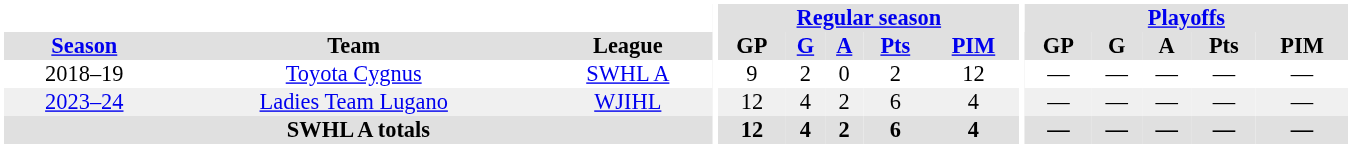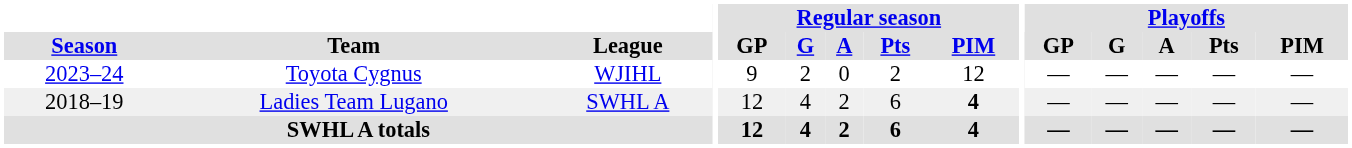 <table border="0" cellpadding="1" cellspacing="0" style="text-align:center; width:60em;">
 <tr bgcolor="#e0e0e0">
 <th colspan="3" bgcolor="#ffffff"></th>
 <th rowspan="94" bgcolor="#ffffff"></th>
 <th colspan="5"><a href='#'>Regular season</a></th>
 <th rowspan="94" bgcolor="#ffffff"></th>
 <th colspan="5"><a href='#'>Playoffs</a></th>
 </tr>
 <tr bgcolor="#e0e0e0">
 <th><a href='#'>Season</a></th>
 <th>Team</th>
 <th>League</th>
 <th>GP</th>
 <th><a href='#'>G</a></th>
 <th><a href='#'>A</a></th>
 <th><a href='#'>Pts</a></th>
 <th><a href='#'>PIM</a></th>
 <th>GP</th>
 <th>G</th>
 <th>A</th>
 <th>Pts</th>
 <th>PIM</th>
 </tr>
 <tr>
-<td>2018–19</td>
+<td><a href='#'>2023–24</a></td>
 <td><a href='#'>Toyota Cygnus</a></td>
-<td><a href='#'>SWHL A</a></td>
+<td><a href='#'>WJIHL</a></td>
 <td>9</td>
 <td>2</td>
 <td>0</td>
 <td>2</td>
 <td>12</td>
 <td>—</td>
 <td>—</td>
 <td>—</td>
 <td>—</td>
 <td>—</td>
 </tr>
 <tr bgcolor="f0f0f0">
-<td><a href='#'>2023–24</a></td>
+<td>2018–19</td>
 <td><a href='#'>Ladies Team Lugano</a></td>
-<td><a href='#'>WJIHL</a></td>
+<td><a href='#'>SWHL A</a></td>
 <td>12</td>
 <td>4</td>
 <td>2</td>
 <td>6</td>
-<td>4</td>
+<td><strong>4</strong></td>
 <td>—</td>
 <td>—</td>
 <td>—</td>
 <td>—</td>
 <td>—</td>
 </tr>
 <tr bgcolor="#e0e0e0">
 <th colspan="3">SWHL A totals</th>
 <th>12</th>
 <th>4</th>
 <th>2</th>
 <th>6</th>
 <th>4</th>
 <th>—</th>
 <th>—</th>
 <th>—</th>
 <th>—</th>
 <th>—</th>
 </tr>
 </table>
